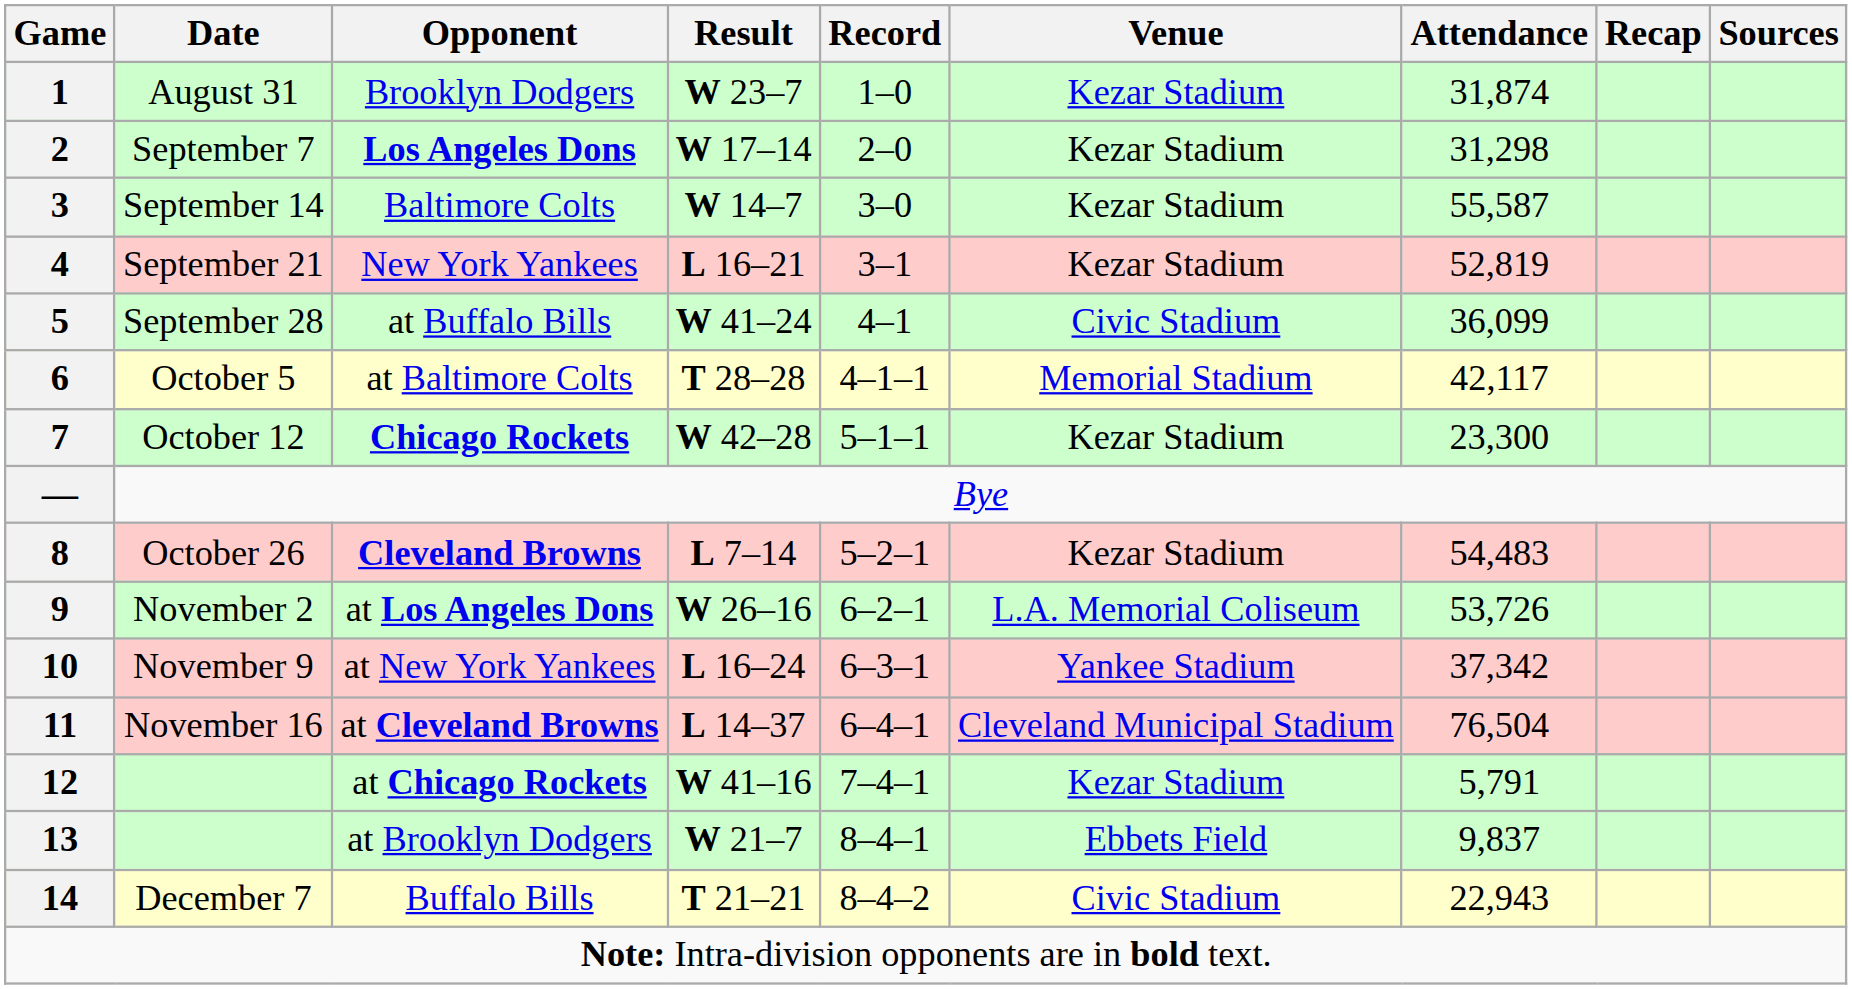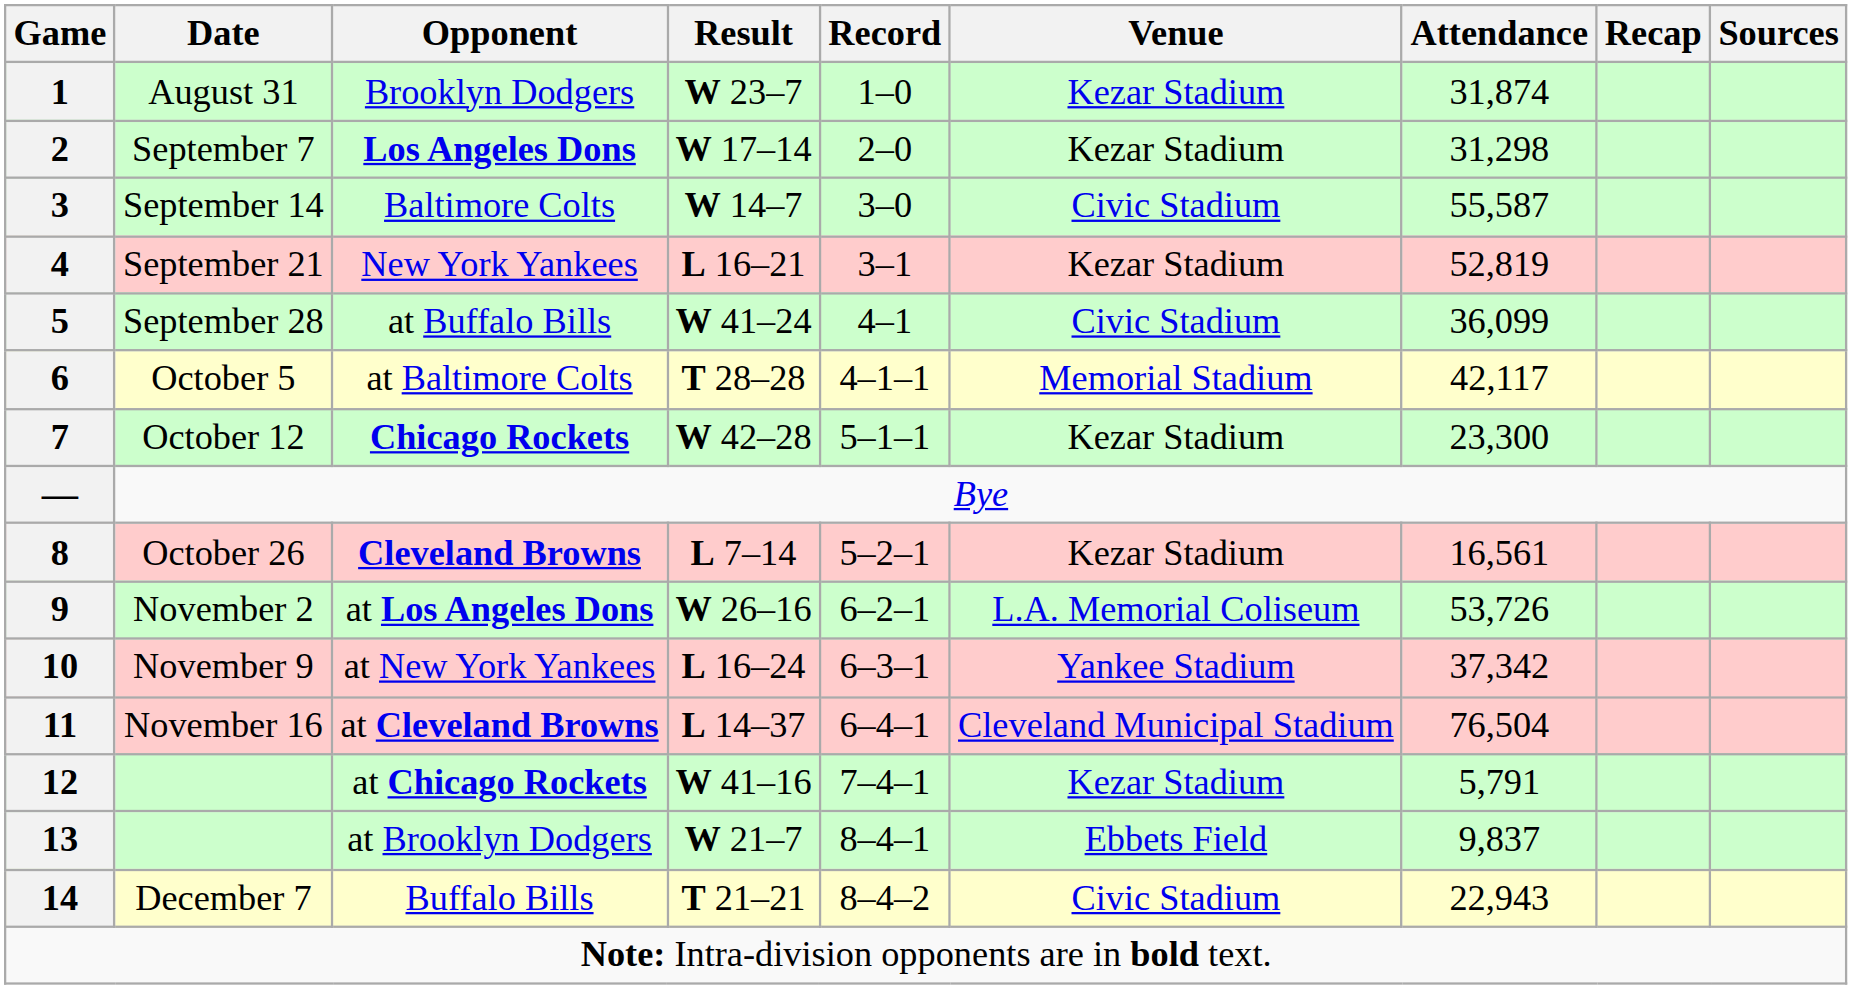 <table class="wikitable" style="text-align:center">
 <tr>
 <th>Game</th>
 <th>Date</th>
 <th>Opponent</th>
 <th>Result</th>
 <th>Record</th>
 <th>Venue</th>
 <th>Attendance</th>
 <th>Recap</th>
 <th>Sources</th>
 </tr>
 <tr style="background:#cfc">
 <th>1</th>
 <td>August 31</td>
 <td><a href='#'>Brooklyn Dodgers</a></td>
 <td><strong>W</strong> 23–7</td>
 <td>1–0</td>
 <td><a href='#'>Kezar Stadium</a></td>
 <td>31,874</td>
 <td></td>
 <td></td>
 </tr>
 <tr style="background:#cfc">
 <th>2</th>
 <td>September 7</td>
 <td><strong><a href='#'>Los Angeles Dons</a></strong></td>
 <td><strong>W</strong> 17–14</td>
 <td>2–0</td>
 <td>Kezar Stadium</td>
 <td>31,298</td>
 <td></td>
 <td></td>
 </tr>
 <tr style="background:#cfc">
 <th>3</th>
 <td>September 14</td>
 <td><a href='#'>Baltimore Colts</a></td>
 <td><strong>W</strong> 14–7</td>
 <td>3–0</td>
-<td>Kezar Stadium</td>
+<td><a href='#'>Civic Stadium</a></td>
 <td>55,587</td>
 <td></td>
 <td></td>
 </tr>
 <tr style="background:#fcc">
 <th>4</th>
 <td>September 21</td>
 <td><a href='#'>New York Yankees</a></td>
 <td><strong>L</strong> 16–21</td>
 <td>3–1</td>
 <td>Kezar Stadium</td>
 <td>52,819</td>
 <td></td>
 <td></td>
 </tr>
 <tr style="background:#cfc">
 <th>5</th>
 <td>September 28</td>
 <td>at <a href='#'>Buffalo Bills</a></td>
 <td><strong>W</strong> 41–24</td>
 <td>4–1</td>
 <td><a href='#'>Civic Stadium</a></td>
 <td>36,099</td>
 <td></td>
 <td></td>
 </tr>
 <tr style="background:#ffc">
 <th>6</th>
 <td>October 5</td>
 <td>at <a href='#'>Baltimore Colts</a></td>
 <td><strong>T</strong> 28–28</td>
 <td>4–1–1</td>
 <td><a href='#'>Memorial Stadium</a></td>
 <td>42,117</td>
 <td></td>
 <td></td>
 </tr>
 <tr style="background:#cfc">
 <th>7</th>
 <td>October 12</td>
 <td><strong><a href='#'>Chicago Rockets</a></strong></td>
 <td><strong>W</strong> 42–28</td>
 <td>5–1–1</td>
 <td>Kezar Stadium</td>
 <td>23,300</td>
 <td></td>
 <td></td>
 </tr>
 <tr>
 <th>—</th>
 <td colspan="8"><em><a href='#'>Bye</a></em></td>
 </tr>
 <tr style="background:#fcc">
 <th>8</th>
 <td>October 26</td>
 <td><strong><a href='#'>Cleveland Browns</a></strong></td>
 <td><strong>L</strong> 7–14</td>
 <td>5–2–1</td>
 <td>Kezar Stadium</td>
-<td>54,483</td>
+<td>16,561</td>
 <td></td>
 <td></td>
 </tr>
 <tr style="background:#cfc">
 <th>9</th>
 <td>November 2</td>
 <td>at <strong><a href='#'>Los Angeles Dons</a></strong></td>
 <td><strong>W</strong> 26–16</td>
 <td>6–2–1</td>
 <td><a href='#'>L.A. Memorial Coliseum</a></td>
 <td>53,726</td>
 <td></td>
 <td></td>
 </tr>
 <tr style="background:#fcc">
 <th>10</th>
 <td>November 9</td>
 <td>at <a href='#'>New York Yankees</a></td>
 <td><strong>L</strong> 16–24</td>
 <td>6–3–1</td>
 <td><a href='#'>Yankee Stadium</a></td>
 <td>37,342</td>
 <td></td>
 <td></td>
 </tr>
 <tr style="background:#fcc">
 <th>11</th>
 <td>November 16</td>
 <td>at <strong><a href='#'>Cleveland Browns</a></strong></td>
 <td><strong>L</strong> 14–37</td>
 <td>6–4–1</td>
 <td><a href='#'>Cleveland Municipal Stadium</a></td>
 <td>76,504</td>
 <td></td>
 <td></td>
 </tr>
 <tr style="background:#cfc">
 <th>12</th>
 <td></td>
 <td>at <strong><a href='#'>Chicago Rockets</a></strong></td>
 <td><strong>W</strong> 41–16</td>
 <td>7–4–1</td>
 <td><a href='#'>Kezar Stadium</a></td>
 <td>5,791</td>
 <td></td>
 <td></td>
 </tr>
 <tr style="background:#cfc">
 <th>13</th>
 <td></td>
 <td>at <a href='#'>Brooklyn Dodgers</a></td>
 <td><strong>W</strong> 21–7</td>
 <td>8–4–1</td>
 <td><a href='#'>Ebbets Field</a></td>
 <td>9,837</td>
 <td></td>
 <td></td>
 </tr>
 <tr style="background:#ffc">
 <th>14</th>
 <td>December 7</td>
 <td><a href='#'>Buffalo Bills</a></td>
 <td><strong>T</strong> 21–21</td>
 <td>8–4–2</td>
 <td><a href='#'>Civic Stadium</a></td>
 <td>22,943</td>
 <td></td>
 <td></td>
 </tr>
 <tr>
 <td colspan="10"><strong>Note:</strong> Intra-division opponents are in <strong>bold</strong> text.</td>
 </tr>
 </table>
